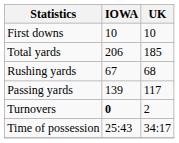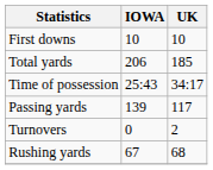 <table class="wikitable">
 <tr>
 <th>Statistics</th>
 <th>IOWA</th>
 <th>UK</th>
 </tr>
 <tr>
 <td>First downs</td>
 <td>10</td>
 <td>10</td>
 </tr>
 <tr>
 <td>Total yards</td>
 <td>206</td>
 <td>185</td>
 </tr>
 <tr>
-<td>Rushing yards</td>
-<td>67</td>
-<td>68</td>
+<td>Time of possession</td>
+<td>25:43</td>
+<td>34:17</td>
 </tr>
 <tr>
 <td>Passing yards</td>
 <td>139</td>
 <td>117</td>
 </tr>
 <tr>
 <td>Turnovers</td>
-<td><strong>0</strong></td>
+<td>0</td>
 <td>2</td>
 </tr>
 <tr>
-<td>Time of possession</td>
-<td>25:43</td>
-<td>34:17</td>
+<td>Rushing yards</td>
+<td>67</td>
+<td>68</td>
 </tr>
 <tr>
 </tr>
 </table>
